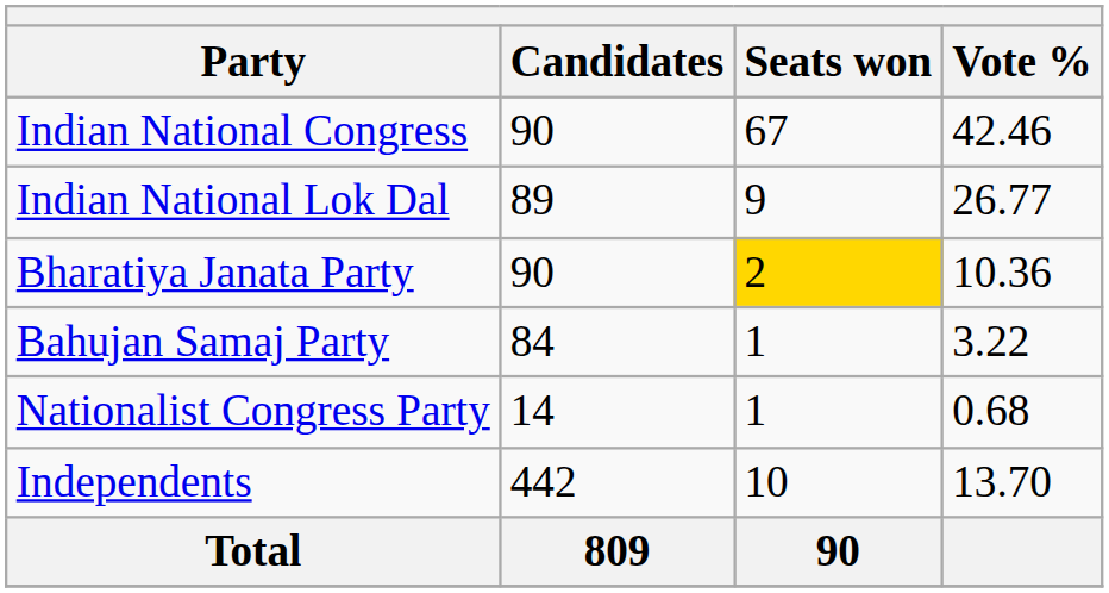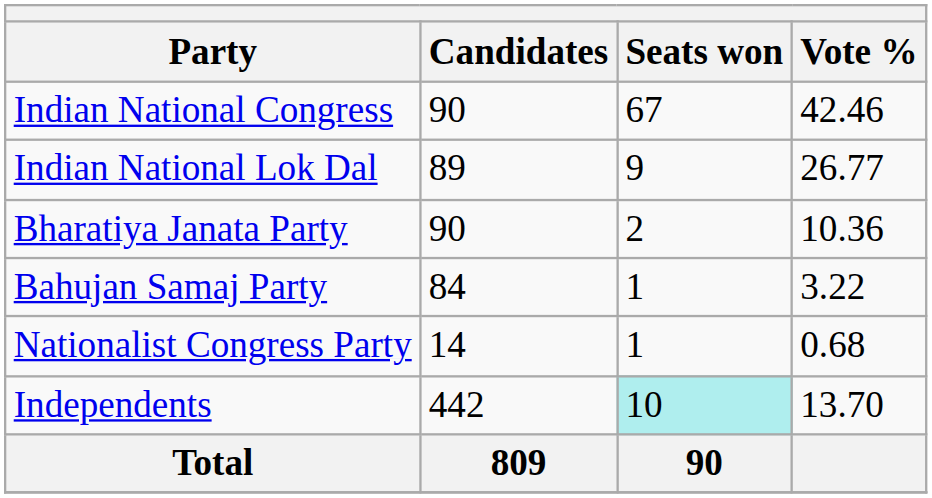 <table class="wikitable sortable">
 <tr>
 <th colspan=10></th>
 </tr>
 <tr>
 <th>Party</th>
 <th>Candidates</th>
 <th>Seats won</th>
 <th>Vote %</th>
 </tr>
 <tr>
 <td><a href='#'>Indian National Congress</a></td>
 <td>90</td>
 <td>67</td>
 <td>42.46</td>
 </tr>
 <tr>
 <td><a href='#'>Indian National Lok Dal</a></td>
 <td>89</td>
 <td>9</td>
 <td>26.77</td>
 </tr>
 <tr>
 <td><a href='#'>Bharatiya Janata Party</a></td>
 <td>90</td>
-<td style="background: gold;">2</td>
+<td>2</td>
 <td>10.36</td>
 </tr>
 <tr>
 <td><a href='#'>Bahujan Samaj Party</a></td>
 <td>84</td>
 <td>1</td>
 <td>3.22</td>
 </tr>
 <tr>
 <td><a href='#'>Nationalist Congress Party</a></td>
 <td>14</td>
 <td>1</td>
 <td>0.68</td>
 </tr>
 <tr>
 <td><a href='#'>Independents</a></td>
 <td>442</td>
-<td>10</td>
+<td style="background: paleturquoise;">10</td>
 <td>13.70</td>
 </tr>
 <tr>
 <th>Total</th>
 <th>809</th>
 <th>90</th>
 <th></th>
 </tr>
 <tr>
 </tr>
 </table>
